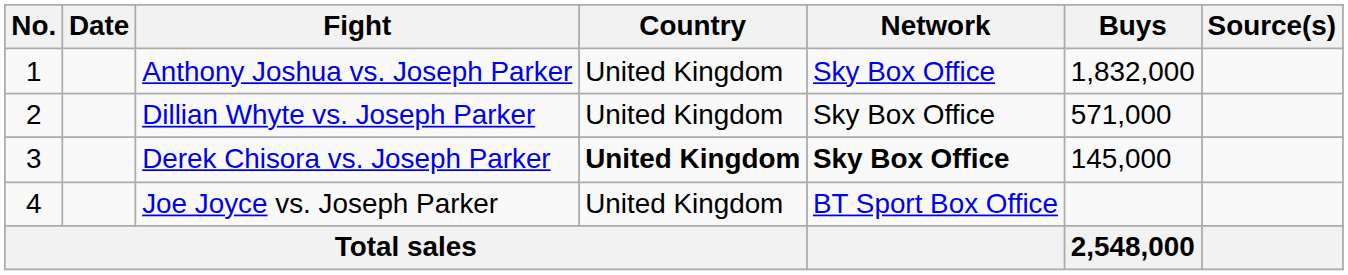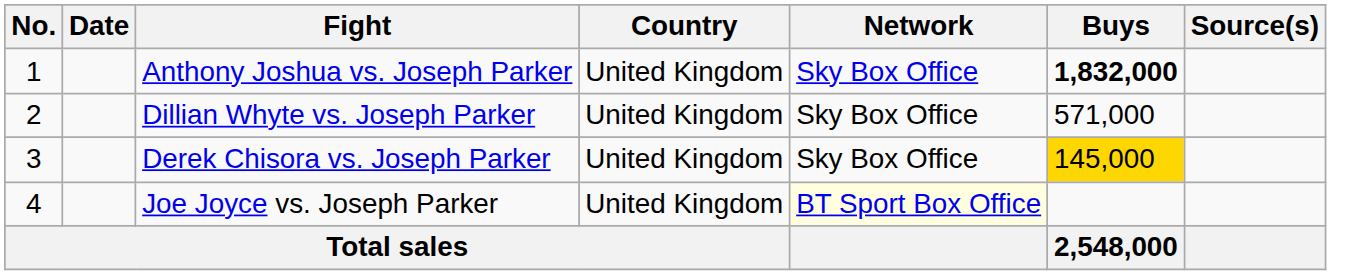 <table class="wikitable sortable">
 <tr>
 <th>No.</th>
 <th>Date</th>
 <th>Fight</th>
 <th>Country</th>
 <th>Network</th>
 <th>Buys</th>
 <th class="unsortable">Source(s)</th>
 </tr>
 <tr>
 <td align=center>1</td>
 <td></td>
 <td><a href='#'>Anthony Joshua vs. Joseph Parker</a></td>
 <td>United Kingdom</td>
 <td><a href='#'>Sky Box Office</a></td>
-<td>1,832,000</td>
+<td><strong>1,832,000</strong></td>
 <td></td>
 </tr>
 <tr>
 <td align=center>2</td>
 <td></td>
 <td><a href='#'>Dillian Whyte vs. Joseph Parker</a></td>
 <td>United Kingdom</td>
 <td>Sky Box Office</td>
 <td>571,000</td>
 <td></td>
 </tr>
 <tr>
 <td align=center>3</td>
 <td></td>
 <td><a href='#'>Derek Chisora vs. Joseph Parker</a></td>
-<td><strong>United Kingdom</strong></td>
-<td><strong>Sky Box Office</strong></td>
-<td>145,000</td>
+<td>United Kingdom</td>
+<td>Sky Box Office</td>
+<td style="background: gold;">145,000</td>
 <td></td>
 </tr>
 <tr>
 <td align=center>4</td>
 <td></td>
 <td><a href='#'>Joe Joyce</a> vs. Joseph Parker</td>
 <td>United Kingdom</td>
-<td><a href='#'>BT Sport Box Office</a></td>
+<td style="background: lightyellow;"><a href='#'>BT Sport Box Office</a></td>
 <td></td>
 <td></td>
 </tr>
 <tr>
 <th colspan="4">Total sales</th>
 <th></th>
 <th>2,548,000</th>
 <th></th>
 </tr>
 </table>
